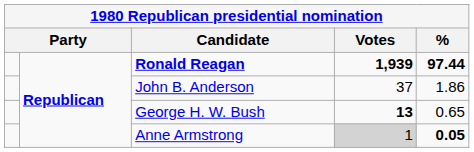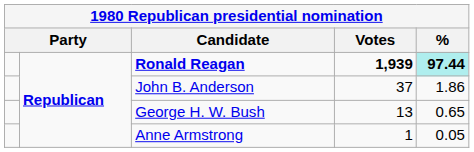 <table class="wikitable">
 <tr>
 <th colspan=5 style="background:#f5f5f5"><a href='#'>1980 Republican presidential nomination</a></th>
 </tr>
 <tr>
 <th style="width: 8em;" colspan=2>Party</th>
 <th>Candidate</th>
 <th>Votes</th>
 <th>%</th>
 </tr>
 <tr>
 <td style="background-color: "></td>
 <td style="width: 7em;" rowspan=4><strong><a href='#'>Republican</a></strong></td>
 <td style="width: 13em;"><strong><a href='#'>Ronald Reagan</a></strong></td>
 <td style="width: 5em; text-align:right"><strong>1,939</strong></td>
-<td style="width: 3em; text-align:right"><strong>97.44</strong></td>
+<td style="background: paleturquoise; width: 3em; text-align:right"><strong>97.44</strong></td>
 </tr>
 <tr>
 <td style="background-color: "></td>
 <td><a href='#'>John B. Anderson</a></td>
 <td style="text-align:right">37</td>
 <td style="text-align:right">1.86</td>
 </tr>
 <tr>
 <td style="background-color: "></td>
 <td><a href='#'>George H. W. Bush</a></td>
-<td style="text-align:right"><strong>13</strong></td>
+<td style="text-align:right">13</td>
 <td style="text-align:right">0.65</td>
 </tr>
 <tr>
 <td style="background-color: "></td>
 <td><a href='#'>Anne Armstrong</a></td>
-<td style="background: lightgrey; text-align:right">1</td>
-<td style="text-align:right"><strong>0.05</strong></td>
+<td style="text-align:right">1</td>
+<td style="text-align:right">0.05</td>
 </tr>
 </table>
